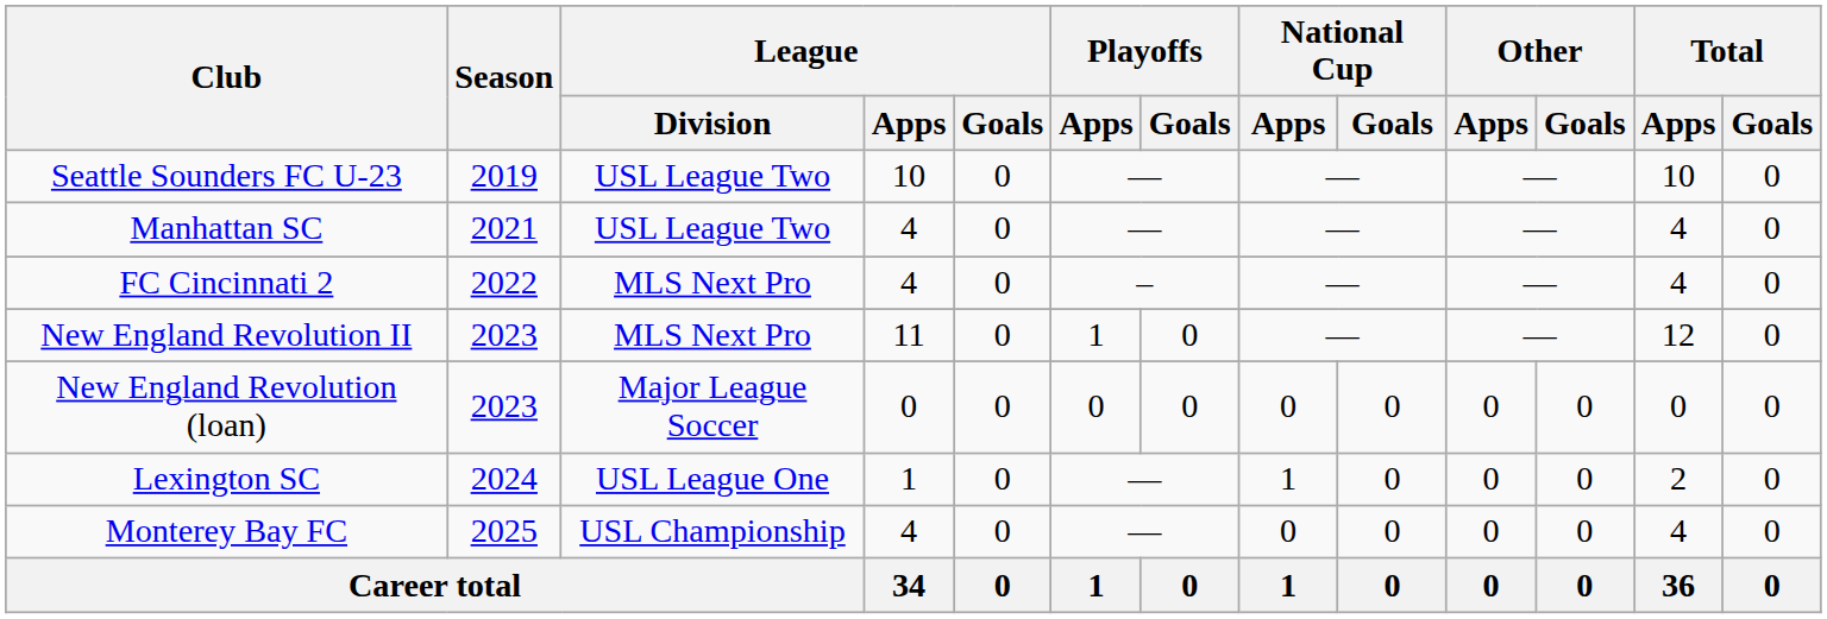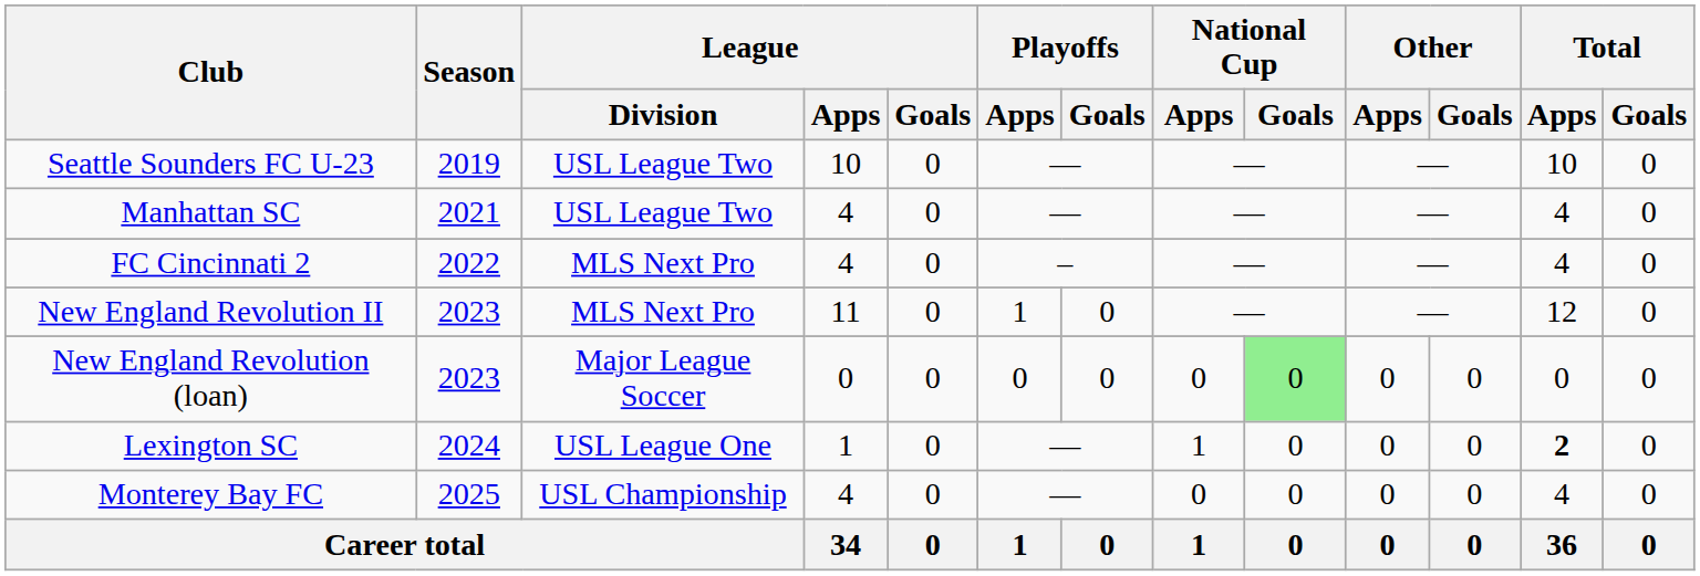 <table class="wikitable" style="text-align: center">
 <tr>
 <th rowspan="2">Club</th>
 <th rowspan="2">Season</th>
 <th colspan="3">League</th>
 <th colspan="2">Playoffs</th>
 <th colspan="2">National Cup</th>
 <th colspan="2">Other</th>
 <th colspan="2">Total</th>
 </tr>
 <tr>
 <th>Division</th>
 <th>Apps</th>
 <th>Goals</th>
 <th>Apps</th>
 <th>Goals</th>
 <th>Apps</th>
 <th>Goals</th>
 <th>Apps</th>
 <th>Goals</th>
 <th>Apps</th>
 <th>Goals</th>
 </tr>
 <tr>
 <td><a href='#'>Seattle Sounders FC U-23</a></td>
 <td><a href='#'>2019</a></td>
 <td><a href='#'>USL League Two</a></td>
 <td>10</td>
 <td>0</td>
 <td colspan=2>—</td>
 <td colspan=2>—</td>
 <td colspan="2">—</td>
 <td>10</td>
 <td>0</td>
 </tr>
 <tr>
 <td><a href='#'>Manhattan SC</a></td>
 <td><a href='#'>2021</a></td>
 <td><a href='#'>USL League Two</a></td>
 <td>4</td>
 <td>0</td>
 <td colspan=2>—</td>
 <td colspan=2>—</td>
 <td colspan="2">—</td>
 <td>4</td>
 <td>0</td>
 </tr>
 <tr>
 <td><a href='#'>FC Cincinnati 2</a></td>
 <td><a href='#'>2022</a></td>
 <td><a href='#'>MLS Next Pro</a></td>
 <td>4</td>
 <td>0</td>
 <td colspan="2">–</td>
 <td colspan="2">—</td>
 <td colspan="2">—</td>
 <td>4</td>
 <td>0</td>
 </tr>
 <tr>
 <td><a href='#'>New England Revolution II</a></td>
 <td><a href='#'>2023</a></td>
 <td><a href='#'>MLS Next Pro</a></td>
 <td>11</td>
 <td>0</td>
 <td>1</td>
 <td>0</td>
 <td colspan="2">—</td>
 <td colspan="2">—</td>
 <td>12</td>
 <td>0</td>
 </tr>
 <tr>
 <td><a href='#'>New England Revolution</a> (loan)</td>
 <td><a href='#'>2023</a></td>
 <td><a href='#'>Major League Soccer</a></td>
 <td>0</td>
 <td>0</td>
 <td>0</td>
 <td>0</td>
 <td>0</td>
-<td>0</td>
+<td style="background: lightgreen;">0</td>
 <td>0</td>
 <td>0</td>
 <td>0</td>
 <td>0</td>
 </tr>
 <tr>
 <td><a href='#'>Lexington SC</a></td>
 <td><a href='#'>2024</a></td>
 <td><a href='#'>USL League One</a></td>
 <td>1</td>
 <td>0</td>
 <td colspan="2">—</td>
 <td>1</td>
 <td>0</td>
 <td>0</td>
 <td>0</td>
-<td>2</td>
+<td><strong>2</strong></td>
 <td>0</td>
 </tr>
 <tr>
 <td><a href='#'>Monterey Bay FC</a></td>
 <td><a href='#'>2025</a></td>
 <td><a href='#'>USL Championship</a></td>
 <td>4</td>
 <td>0</td>
 <td colspan="2">—</td>
 <td>0</td>
 <td>0</td>
 <td>0</td>
 <td>0</td>
 <td>4</td>
 <td>0</td>
 </tr>
 <tr>
 <th colspan="3">Career total</th>
 <th>34</th>
 <th>0</th>
 <th>1</th>
 <th>0</th>
 <th>1</th>
 <th>0</th>
 <th>0</th>
 <th>0</th>
 <th>36</th>
 <th>0</th>
 </tr>
 </table>
